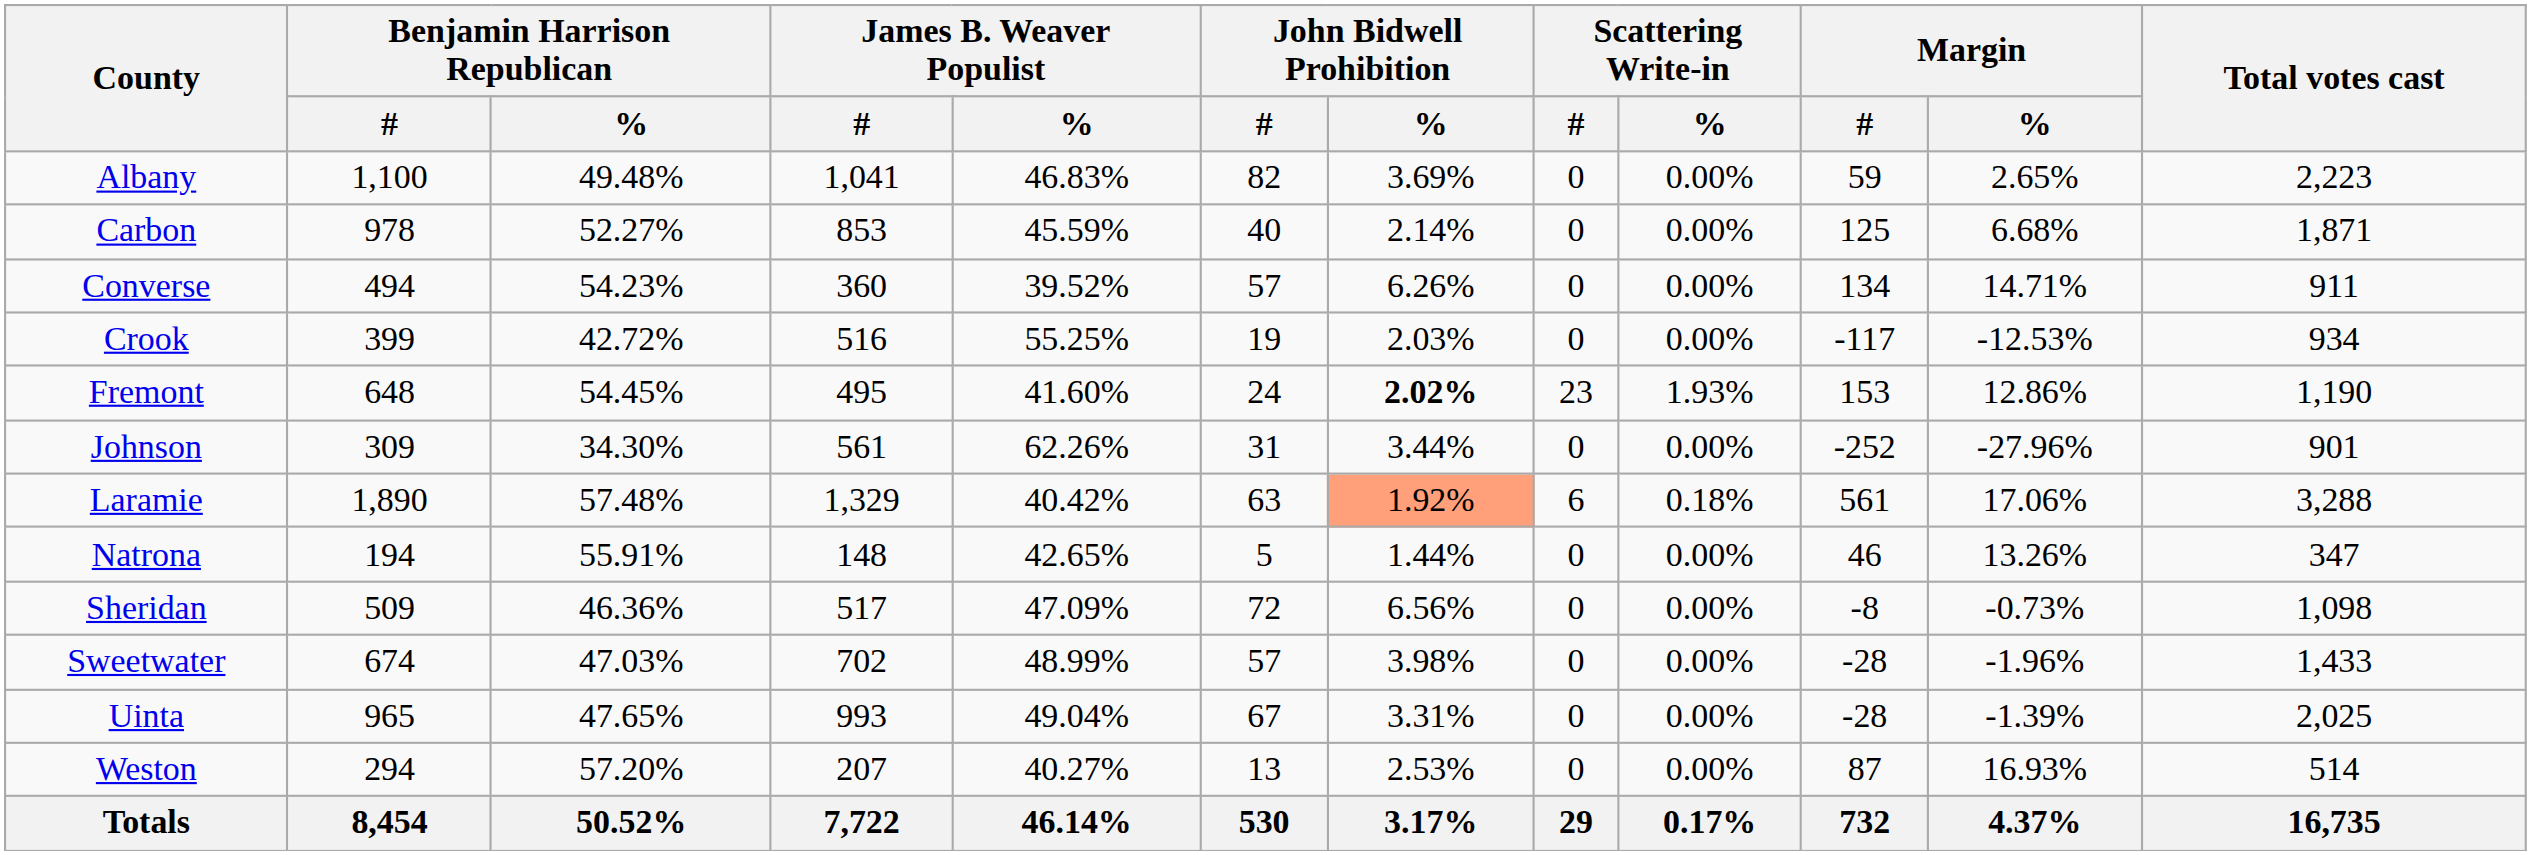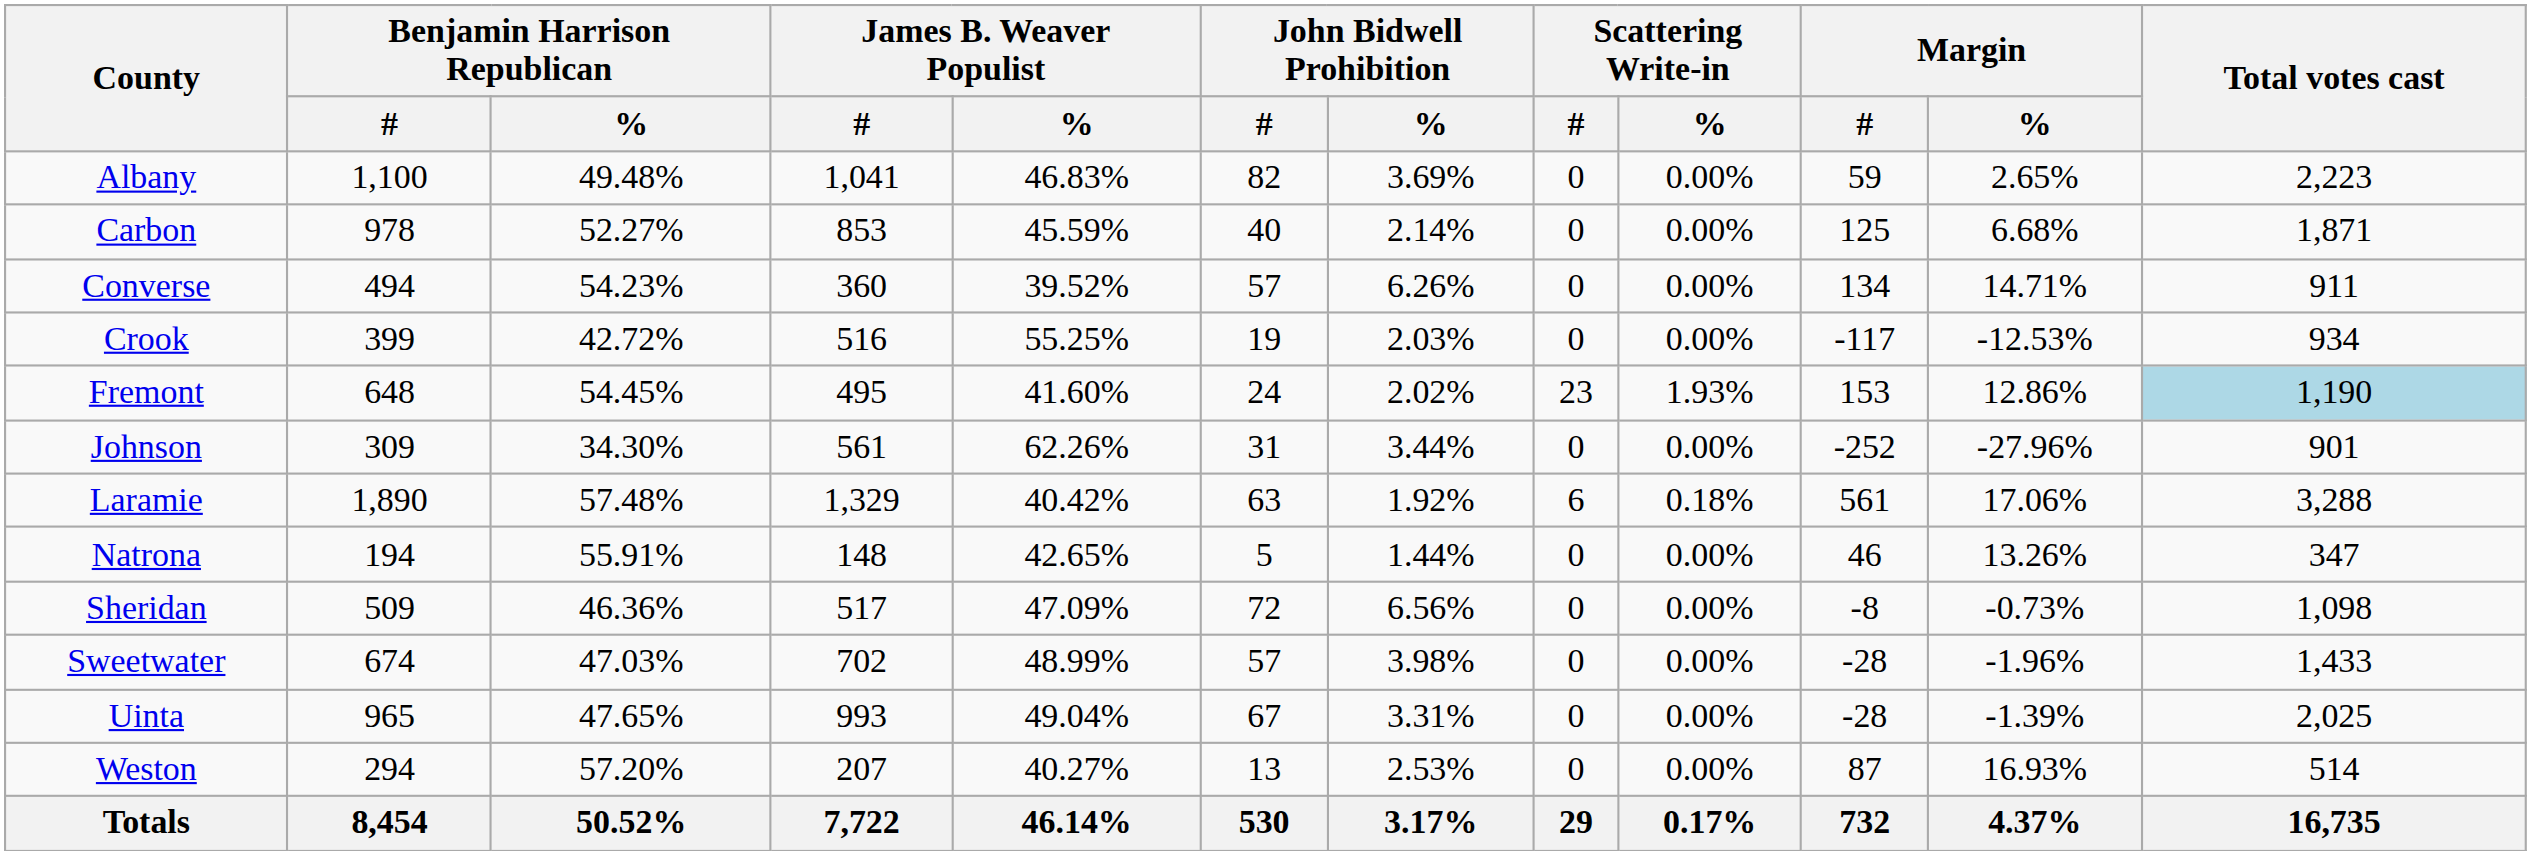 <table width="60%" class="wikitable sortable">
 <tr>
 <th style="text-align:center;" rowspan="2">County</th>
 <th style="text-align:center;" colspan="2">Benjamin Harrison<br>Republican</th>
 <th style="text-align:center;" colspan="2">James B. Weaver<br>Populist</th>
 <th style="text-align:center;" colspan="2">John Bidwell<br>Prohibition</th>
 <th style="text-align:center;" colspan="2">Scattering<br>Write-in</th>
 <th style="text-align:center;" colspan="2">Margin</th>
 <th style="text-align:center;" rowspan="2">Total votes cast</th>
 </tr>
 <tr bgcolor="lightgrey">
 <th style="text-align:center;" data-sort-type="number">#</th>
 <th style="text-align:center;" data-sort-type="number">%</th>
 <th style="text-align:center;" data-sort-type="number">#</th>
 <th style="text-align:center;" data-sort-type="number">%</th>
 <th style="text-align:center;" data-sort-type="number">#</th>
 <th style="text-align:center;" data-sort-type="number">%</th>
 <th style="text-align:center;" data-sort-type="number">#</th>
 <th style="text-align:center;" data-sort-type="number">%</th>
 <th style="text-align:center;" data-sort-type="number">#</th>
 <th style="text-align:center;" data-sort-type="number">%</th>
 </tr>
 <tr style="text-align:center;">
 <td><a href='#'>Albany</a></td>
 <td>1,100</td>
 <td>49.48%</td>
 <td>1,041</td>
 <td>46.83%</td>
 <td>82</td>
 <td>3.69%</td>
 <td>0</td>
 <td>0.00%</td>
 <td>59</td>
 <td>2.65%</td>
 <td>2,223</td>
 </tr>
 <tr style="text-align:center;">
 <td><a href='#'>Carbon</a></td>
 <td>978</td>
 <td>52.27%</td>
 <td>853</td>
 <td>45.59%</td>
 <td>40</td>
 <td>2.14%</td>
 <td>0</td>
 <td>0.00%</td>
 <td>125</td>
 <td>6.68%</td>
 <td>1,871</td>
 </tr>
 <tr style="text-align:center;">
 <td><a href='#'>Converse</a></td>
 <td>494</td>
 <td>54.23%</td>
 <td>360</td>
 <td>39.52%</td>
 <td>57</td>
 <td>6.26%</td>
 <td>0</td>
 <td>0.00%</td>
 <td>134</td>
 <td>14.71%</td>
 <td>911</td>
 </tr>
 <tr style="text-align:center;">
 <td><a href='#'>Crook</a></td>
 <td>399</td>
 <td>42.72%</td>
 <td>516</td>
 <td>55.25%</td>
 <td>19</td>
 <td>2.03%</td>
 <td>0</td>
 <td>0.00%</td>
 <td>-117</td>
 <td>-12.53%</td>
 <td>934</td>
 </tr>
 <tr style="text-align:center;">
 <td><a href='#'>Fremont</a></td>
 <td>648</td>
 <td>54.45%</td>
 <td>495</td>
 <td>41.60%</td>
 <td>24</td>
-<td><strong>2.02%</strong></td>
+<td>2.02%</td>
 <td>23</td>
 <td>1.93%</td>
 <td>153</td>
 <td>12.86%</td>
-<td>1,190</td>
+<td style="background: lightblue;">1,190</td>
 </tr>
 <tr style="text-align:center;">
 <td><a href='#'>Johnson</a></td>
 <td>309</td>
 <td>34.30%</td>
 <td>561</td>
 <td>62.26%</td>
 <td>31</td>
 <td>3.44%</td>
 <td>0</td>
 <td>0.00%</td>
 <td>-252</td>
 <td>-27.96%</td>
 <td>901</td>
 </tr>
 <tr style="text-align:center;">
 <td><a href='#'>Laramie</a></td>
 <td>1,890</td>
 <td>57.48%</td>
 <td>1,329</td>
 <td>40.42%</td>
 <td>63</td>
-<td style="background: lightsalmon;">1.92%</td>
+<td>1.92%</td>
 <td>6</td>
 <td>0.18%</td>
 <td>561</td>
 <td>17.06%</td>
 <td>3,288</td>
 </tr>
 <tr style="text-align:center;">
 <td><a href='#'>Natrona</a></td>
 <td>194</td>
 <td>55.91%</td>
 <td>148</td>
 <td>42.65%</td>
 <td>5</td>
 <td>1.44%</td>
 <td>0</td>
 <td>0.00%</td>
 <td>46</td>
 <td>13.26%</td>
 <td>347</td>
 </tr>
 <tr style="text-align:center;">
 <td><a href='#'>Sheridan</a></td>
 <td>509</td>
 <td>46.36%</td>
 <td>517</td>
 <td>47.09%</td>
 <td>72</td>
 <td>6.56%</td>
 <td>0</td>
 <td>0.00%</td>
 <td>-8</td>
 <td>-0.73%</td>
 <td>1,098</td>
 </tr>
 <tr style="text-align:center;">
 <td><a href='#'>Sweetwater</a></td>
 <td>674</td>
 <td>47.03%</td>
 <td>702</td>
 <td>48.99%</td>
 <td>57</td>
 <td>3.98%</td>
 <td>0</td>
 <td>0.00%</td>
 <td>-28</td>
 <td>-1.96%</td>
 <td>1,433</td>
 </tr>
 <tr style="text-align:center;">
 <td><a href='#'>Uinta</a></td>
 <td>965</td>
 <td>47.65%</td>
 <td>993</td>
 <td>49.04%</td>
 <td>67</td>
 <td>3.31%</td>
 <td>0</td>
 <td>0.00%</td>
 <td>-28</td>
 <td>-1.39%</td>
 <td>2,025</td>
 </tr>
 <tr style="text-align:center;">
 <td><a href='#'>Weston</a></td>
 <td>294</td>
 <td>57.20%</td>
 <td>207</td>
 <td>40.27%</td>
 <td>13</td>
 <td>2.53%</td>
 <td>0</td>
 <td>0.00%</td>
 <td>87</td>
 <td>16.93%</td>
 <td>514</td>
 </tr>
 <tr>
 <th>Totals</th>
 <th>8,454</th>
 <th>50.52%</th>
 <th>7,722</th>
 <th>46.14%</th>
 <th>530</th>
 <th>3.17%</th>
 <th>29</th>
 <th>0.17%</th>
 <th>732</th>
 <th>4.37%</th>
 <th>16,735</th>
 </tr>
 </table>
